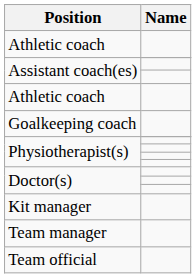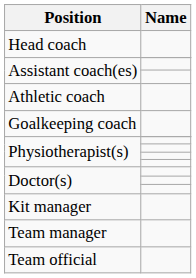 <table class="wikitable" style="text-align:left;">
 <tr>
 <th>Position</th>
 <th>Name</th>
 </tr>
 <tr>
-<td>Athletic coach</td>
+<td>Head coach</td>
 <td> </td>
 </tr>
 <tr>
 <td rowspan="3">Assistant coach(es)</td>
 </tr>
 <tr>
 <td> </td>
 </tr>
 <tr>
 <td> </td>
 </tr>
 <tr>
 <td>Athletic coach</td>
 <td> </td>
 </tr>
 <tr>
 <td>Goalkeeping coach</td>
 <td> </td>
 </tr>
 <tr>
 <td rowspan="5">Physiotherapist(s)</td>
 </tr>
 <tr>
 <td> </td>
 </tr>
 <tr>
 <td> </td>
 </tr>
 <tr>
 <td> </td>
 </tr>
 <tr>
 <td> </td>
 </tr>
 <tr>
 <td rowspan="3">Doctor(s)</td>
 <td> </td>
 </tr>
 <tr>
 <td> </td>
 </tr>
 <tr>
 <td> </td>
 </tr>
 <tr>
 <td>Kit manager</td>
 <td> </td>
 </tr>
 <tr>
 <td>Team manager</td>
 <td> </td>
 </tr>
 <tr>
 <td>Team official</td>
 <td> </td>
 </tr>
 </table>
